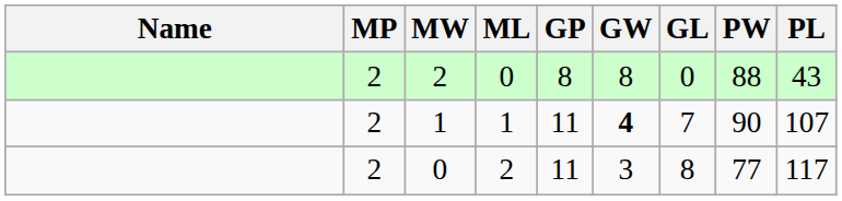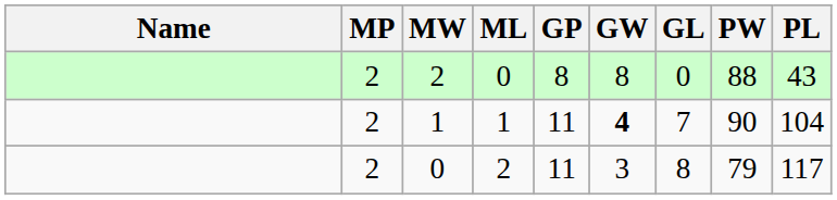 <table class=wikitable style="text-align:center">
 <tr>
 <th width=175>Name</th>
 <th width=20>MP</th>
 <th width=20>MW</th>
 <th width=20>ML</th>
 <th width=20>GP</th>
 <th width=20>GW</th>
 <th width=20>GL</th>
 <th width=20>PW</th>
 <th width=20>PL</th>
 </tr>
 <tr style="background-color:#ccffcc;">
 <td style="text-align:left;"><strong></strong></td>
 <td>2</td>
 <td>2</td>
 <td>0</td>
 <td>8</td>
 <td>8</td>
 <td>0</td>
 <td>88</td>
 <td>43</td>
 </tr>
 <tr>
 <td style="text-align:left;"></td>
 <td>2</td>
 <td>1</td>
 <td>1</td>
 <td>11</td>
 <td><strong>4</strong></td>
 <td>7</td>
 <td>90</td>
-<td>107</td>
+<td>104</td>
 </tr>
 <tr>
 <td style="text-align:left;"></td>
 <td>2</td>
 <td>0</td>
 <td>2</td>
 <td>11</td>
 <td>3</td>
 <td>8</td>
-<td>77</td>
+<td>79</td>
 <td>117</td>
 </tr>
 </table>
